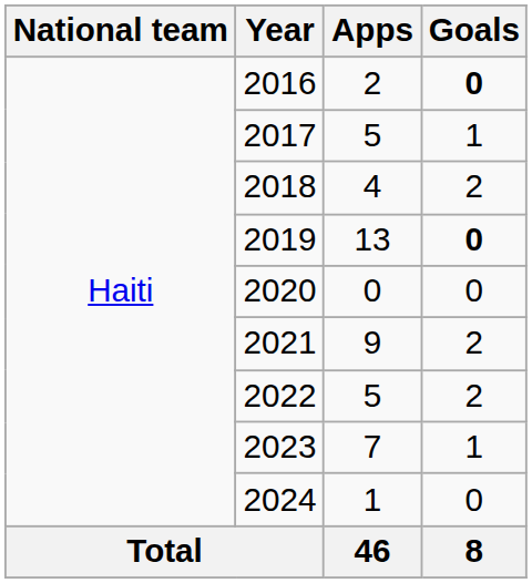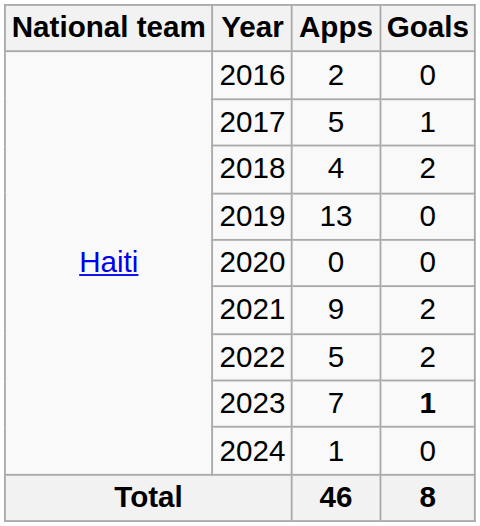 <table class="wikitable" style="text-align:center">
 <tr>
 <th>National team</th>
 <th>Year</th>
 <th>Apps</th>
 <th>Goals</th>
 </tr>
 <tr>
 <td rowspan="9"><a href='#'>Haiti</a></td>
 <td>2016</td>
 <td>2</td>
-<td><strong>0</strong></td>
+<td>0</td>
 </tr>
 <tr>
 <td>2017</td>
 <td>5</td>
 <td>1</td>
 </tr>
 <tr>
 <td>2018</td>
 <td>4</td>
 <td>2</td>
 </tr>
 <tr>
 <td>2019</td>
 <td>13</td>
-<td><strong>0</strong></td>
+<td>0</td>
 </tr>
 <tr>
 <td>2020</td>
 <td>0</td>
 <td>0</td>
 </tr>
 <tr>
 <td>2021</td>
 <td>9</td>
 <td>2</td>
 </tr>
 <tr>
 <td>2022</td>
 <td>5</td>
 <td>2</td>
 </tr>
 <tr>
 <td>2023</td>
 <td>7</td>
-<td>1</td>
+<td><strong>1</strong></td>
 </tr>
 <tr>
 <td>2024</td>
 <td>1</td>
 <td>0</td>
 </tr>
 <tr>
 <th colspan="2">Total</th>
 <th>46</th>
 <th>8</th>
 </tr>
 </table>
